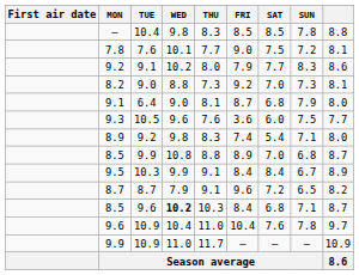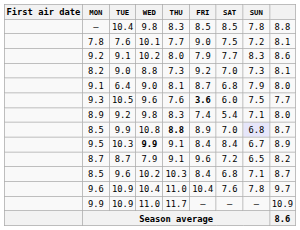 <table class="wikitable" style="font-size:90%; text-align:center;">
 <tr>
 <th>First air date</th>
 <th width=30><small>MON</small></th>
 <th width=30><small>TUE</small></th>
 <th width=30><small>WED</small></th>
 <th width=30><small>THU</small></th>
 <th width=30><small>FRI</small></th>
 <th width=30><small>SAT</small></th>
 <th width=30><small>SUN</small></th>
 <th></th>
 </tr>
 <tr>
 <td></td>
 <td>—</td>
 <td>10.4</td>
 <td>9.8</td>
 <td>8.3</td>
 <td>8.5</td>
 <td>8.5</td>
 <td>7.8</td>
 <td>8.8</td>
 </tr>
 <tr>
 <td></td>
 <td>7.8</td>
 <td>7.6</td>
 <td>10.1</td>
 <td>7.7</td>
 <td>9.0</td>
 <td>7.5</td>
 <td>7.2</td>
 <td>8.1</td>
 </tr>
 <tr>
 <td></td>
 <td>9.2</td>
 <td>9.1</td>
 <td>10.2</td>
 <td>8.0</td>
 <td>7.9</td>
 <td>7.7</td>
 <td>8.3</td>
 <td>8.6</td>
 </tr>
 <tr>
 <td></td>
 <td>8.2</td>
 <td>9.0</td>
 <td>8.8</td>
 <td>7.3</td>
 <td>9.2</td>
 <td>7.0</td>
 <td>7.3</td>
 <td>8.1</td>
 </tr>
 <tr>
 <td></td>
 <td>9.1</td>
 <td>6.4</td>
 <td>9.0</td>
 <td>8.1</td>
 <td>8.7</td>
 <td>6.8</td>
 <td>7.9</td>
 <td>8.0</td>
 </tr>
 <tr>
 <td></td>
 <td>9.3</td>
 <td>10.5</td>
 <td>9.6</td>
 <td>7.6</td>
-<td>3.6</td>
+<td><strong>3.6</strong></td>
 <td>6.0</td>
 <td>7.5</td>
 <td>7.7</td>
 </tr>
 <tr>
 <td></td>
 <td>8.9</td>
 <td>9.2</td>
 <td>9.8</td>
 <td>8.3</td>
 <td>7.4</td>
 <td>5.4</td>
 <td>7.1</td>
 <td>8.0</td>
 </tr>
 <tr>
 <td></td>
 <td>8.5</td>
 <td>9.9</td>
 <td>10.8</td>
-<td>8.8</td>
+<td><strong>8.8</strong></td>
 <td>8.9</td>
 <td>7.0</td>
-<td>6.8</td>
+<td style="background: lavender;">6.8</td>
 <td>8.7</td>
 </tr>
 <tr>
 <td></td>
 <td>9.5</td>
 <td>10.3</td>
-<td>9.9</td>
+<td><strong>9.9</strong></td>
 <td>9.1</td>
 <td>8.4</td>
 <td>8.4</td>
 <td>6.7</td>
 <td>8.9</td>
 </tr>
 <tr>
 <td></td>
 <td>8.7</td>
 <td>8.7</td>
 <td>7.9</td>
 <td>9.1</td>
 <td>9.6</td>
 <td>7.2</td>
 <td>6.5</td>
 <td>8.2</td>
 </tr>
 <tr>
 <td></td>
 <td>8.5</td>
 <td>9.6</td>
-<td><strong>10.2</strong></td>
+<td>10.2</td>
 <td>10.3</td>
 <td>8.4</td>
 <td>6.8</td>
 <td>7.1</td>
 <td>8.7</td>
 </tr>
 <tr>
 <td></td>
 <td>9.6</td>
 <td>10.9</td>
 <td>10.4</td>
 <td>11.0</td>
 <td>10.4</td>
 <td>7.6</td>
 <td>7.8</td>
 <td>9.7</td>
 </tr>
 <tr>
 <td></td>
 <td>9.9</td>
 <td>10.9</td>
 <td>11.0</td>
 <td>11.7</td>
 <td>—</td>
 <td>—</td>
 <td>—</td>
 <td>10.9</td>
 </tr>
 <tr>
 <th></th>
 <th colspan=7>Season average</th>
 <th>8.6</th>
 </tr>
 </table>
